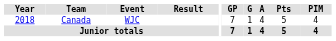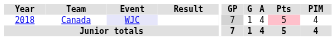 <table border="0" cellpadding="1" cellspacing="0" ID="Table3" style="text-align:center; width:40em">
 <tr bgcolor="#e0e0e0">
 <th>Year</th>
 <th>Team</th>
 <th>Event</th>
 <th>Result</th>
 <th rowspan="99" bgcolor="#ffffff"></th>
 <th>GP</th>
 <th>G</th>
 <th>A</th>
 <th>Pts</th>
 <th>PIM</th>
 </tr>
 <tr>
 <td><a href='#'>2018</a></td>
 <td><a href='#'>Canada</a></td>
-<td><a href='#'>WJC</a></td>
+<td style="background: lavender;"><a href='#'>WJC</a></td>
 <td></td>
-<td>7</td>
+<td style="background: lightgrey;">7</td>
 <td>1</td>
 <td>4</td>
-<td>5</td>
+<td style="background: pink;">5</td>
 <td>4</td>
 </tr>
 <tr bgcolor="#e0e0e0">
 <th colspan=4>Junior totals</th>
 <th>7</th>
 <th>1</th>
 <th>4</th>
 <th>5</th>
 <th>4</th>
 </tr>
 </table>
